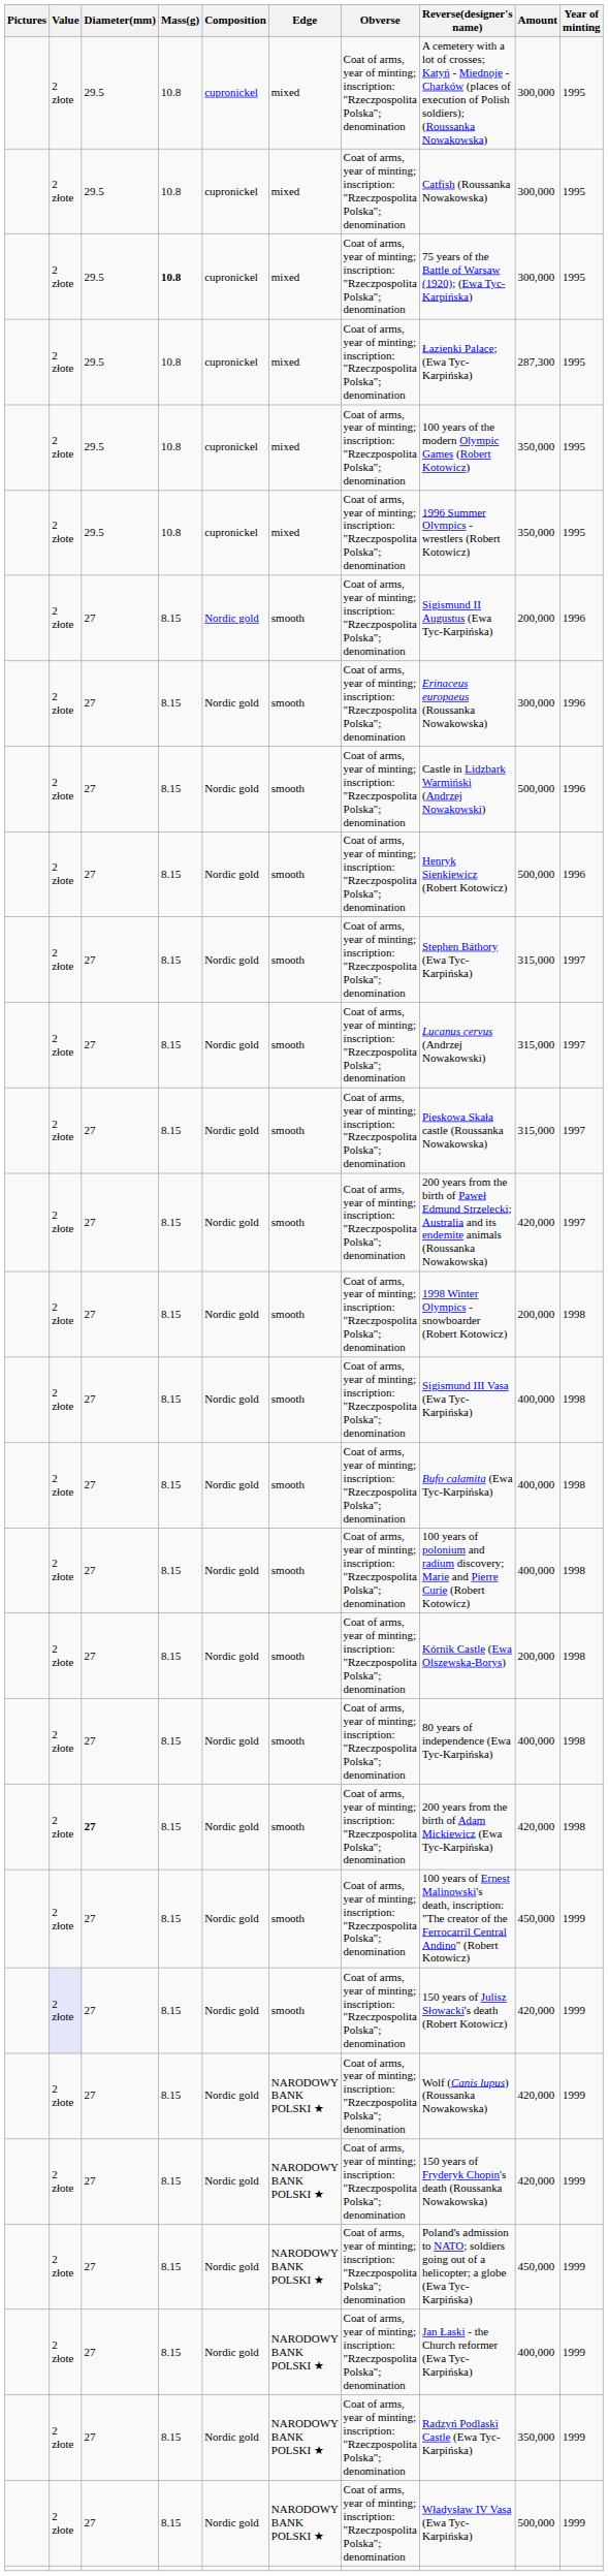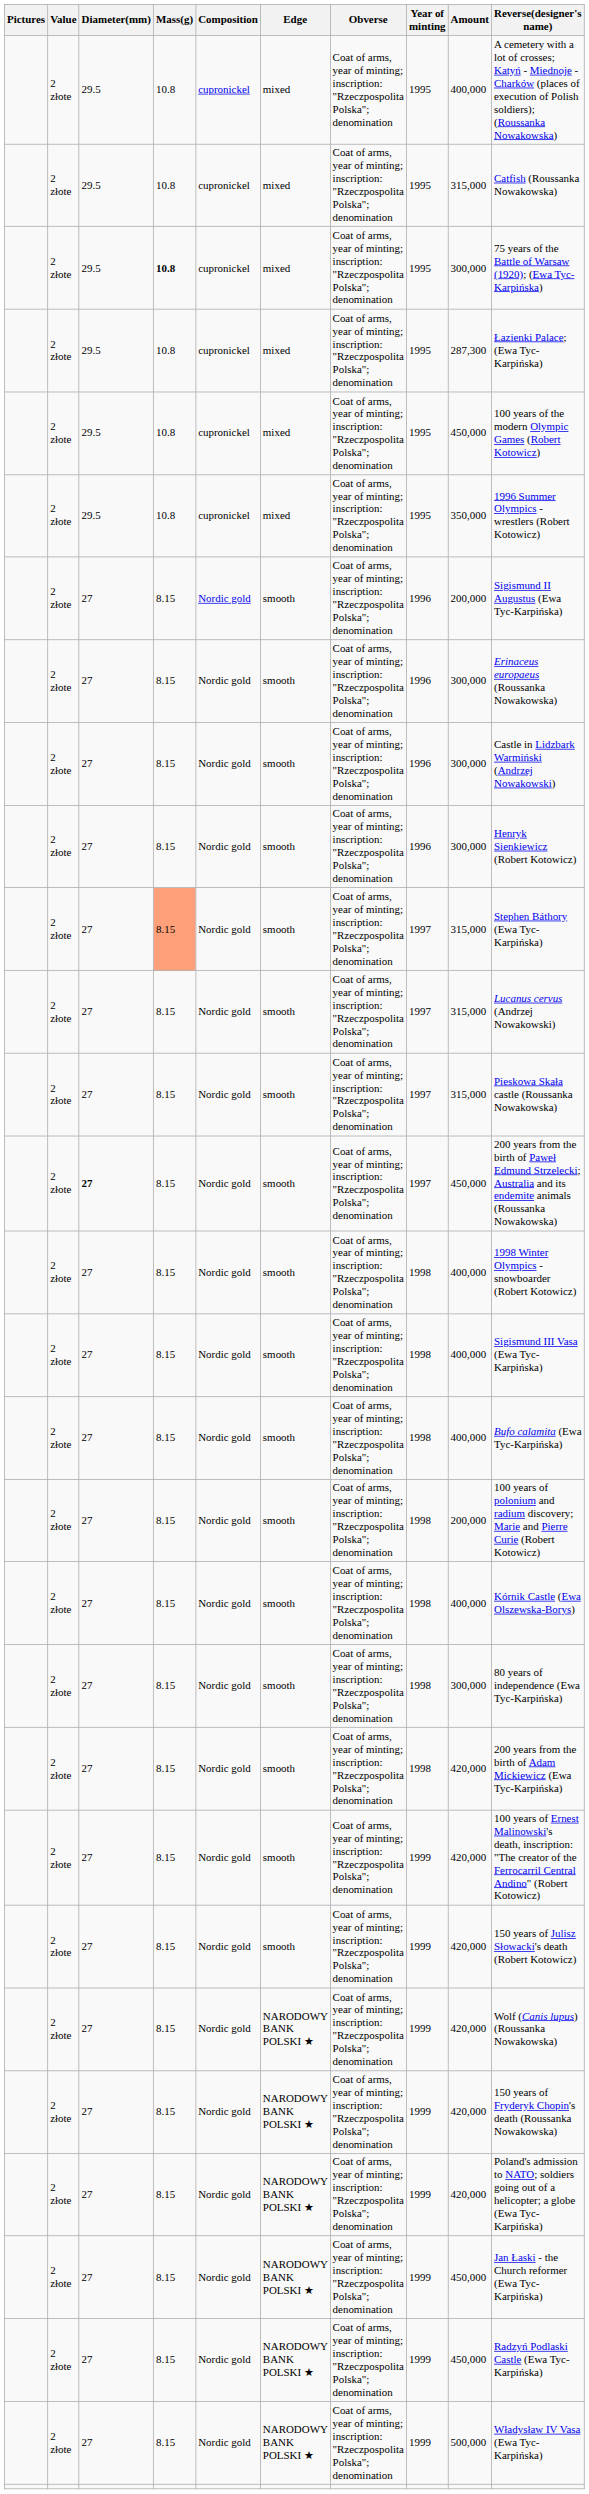 <table class="wikitable sortable" style="font-size: 90%">
 <tr>
 <th>Pictures</th>
 <th>Value</th>
 <th>Diameter(mm)</th>
 <th>Mass(g)</th>
 <th>Composition</th>
 <th>Edge</th>
 <th>Obverse</th>
+<th>Year of minting</th>
+<th>Amount</th>
 <th>Reverse(designer's name)</th>
-<th>Amount</th>
-<th>Year of minting</th>
 </tr>
 <tr>
 <td></td>
 <td>2 złote</td>
 <td>29.5</td>
 <td>10.8</td>
 <td><a href='#'>cupronickel</a></td>
 <td>mixed</td>
 <td>Coat of arms, year of minting; inscription: "Rzeczpospolita Polska"; denomination</td>
+<td>1995</td>
+<td>400,000</td>
 <td>A cemetery with a lot of crosses; <a href='#'>Katyń</a> - <a href='#'>Miednoje</a> - <a href='#'>Charków</a> (places of execution of Polish soldiers); (<a href='#'>Roussanka Nowakowska</a>)</td>
-<td>300,000</td>
-<td>1995</td>
 </tr>
 <tr>
 <td></td>
 <td>2 złote</td>
 <td>29.5</td>
 <td>10.8</td>
 <td>cupronickel</td>
 <td>mixed</td>
 <td>Coat of arms, year of minting; inscription: "Rzeczpospolita Polska"; denomination</td>
+<td>1995</td>
+<td>315,000</td>
 <td><a href='#'>Catfish</a> (Roussanka Nowakowska)</td>
-<td>300,000</td>
-<td>1995</td>
 </tr>
 <tr>
 <td></td>
 <td>2 złote</td>
 <td>29.5</td>
 <td><strong>10.8</strong></td>
 <td>cupronickel</td>
 <td>mixed</td>
 <td>Coat of arms, year of minting; inscription: "Rzeczpospolita Polska"; denomination</td>
+<td>1995</td>
+<td>300,000</td>
 <td>75 years of the <a href='#'>Battle of Warsaw (1920)</a>; (<a href='#'>Ewa Tyc-Karpińska</a>)</td>
-<td>300,000</td>
-<td>1995</td>
 </tr>
 <tr>
 <td></td>
 <td>2 złote</td>
 <td>29.5</td>
 <td>10.8</td>
 <td>cupronickel</td>
 <td>mixed</td>
 <td>Coat of arms, year of minting; inscription: "Rzeczpospolita Polska"; denomination</td>
+<td>1995</td>
+<td>287,300</td>
 <td><a href='#'>Łazienki Palace</a>; (Ewa Tyc-Karpińska)</td>
-<td>287,300</td>
-<td>1995</td>
 </tr>
 <tr>
 <td></td>
 <td>2 złote</td>
 <td>29.5</td>
 <td>10.8</td>
 <td>cupronickel</td>
 <td>mixed</td>
 <td>Coat of arms, year of minting; inscription: "Rzeczpospolita Polska"; denomination</td>
+<td>1995</td>
+<td>450,000</td>
 <td>100 years of the modern <a href='#'>Olympic Games</a> (<a href='#'>Robert Kotowicz</a>)</td>
-<td>350,000</td>
-<td>1995</td>
 </tr>
 <tr>
 <td></td>
 <td>2 złote</td>
 <td>29.5</td>
 <td>10.8</td>
 <td>cupronickel</td>
 <td>mixed</td>
 <td>Coat of arms, year of minting; inscription: "Rzeczpospolita Polska"; denomination</td>
+<td>1995</td>
+<td>350,000</td>
 <td><a href='#'>1996 Summer Olympics</a> - wrestlers (Robert Kotowicz)</td>
-<td>350,000</td>
-<td>1995</td>
 </tr>
 <tr>
 <td></td>
 <td>2 złote</td>
 <td>27</td>
 <td>8.15</td>
 <td><a href='#'>Nordic gold</a></td>
 <td>smooth</td>
 <td>Coat of arms, year of minting; inscription: "Rzeczpospolita Polska"; denomination</td>
+<td>1996</td>
+<td>200,000</td>
 <td><a href='#'>Sigismund II Augustus</a> (Ewa Tyc-Karpińska)</td>
-<td>200,000</td>
-<td>1996</td>
 </tr>
 <tr>
 <td></td>
 <td>2 złote</td>
 <td>27</td>
 <td>8.15</td>
 <td>Nordic gold</td>
 <td>smooth</td>
 <td>Coat of arms, year of minting; inscription: "Rzeczpospolita Polska"; denomination</td>
+<td>1996</td>
+<td>300,000</td>
 <td><em><a href='#'>Erinaceus europaeus</a></em> (Roussanka Nowakowska)</td>
-<td>300,000</td>
-<td>1996</td>
 </tr>
 <tr>
 <td></td>
 <td>2 złote</td>
 <td>27</td>
 <td>8.15</td>
 <td>Nordic gold</td>
 <td>smooth</td>
 <td>Coat of arms, year of minting; inscription: "Rzeczpospolita Polska"; denomination</td>
+<td>1996</td>
+<td>300,000</td>
 <td>Castle in <a href='#'>Lidzbark Warmiński</a> (<a href='#'>Andrzej Nowakowski</a>)</td>
-<td>500,000</td>
-<td>1996</td>
 </tr>
 <tr>
 <td></td>
 <td>2 złote</td>
 <td>27</td>
 <td>8.15</td>
 <td>Nordic gold</td>
 <td>smooth</td>
 <td>Coat of arms, year of minting; inscription: "Rzeczpospolita Polska"; denomination</td>
+<td>1996</td>
+<td>300,000</td>
 <td><a href='#'>Henryk Sienkiewicz</a> (Robert Kotowicz)</td>
-<td>500,000</td>
-<td>1996</td>
+</tr>
+<tr>
+<td></td>
+<td>2 złote</td>
+<td>27</td>
+<td style="background: lightsalmon;">8.15</td>
+<td>Nordic gold</td>
+<td>smooth</td>
+<td>Coat of arms, year of minting; inscription: "Rzeczpospolita Polska"; denomination</td>
+<td>1997</td>
+<td>315,000</td>
+<td><a href='#'>Stephen Báthory</a> (Ewa Tyc-Karpińska)</td>
 </tr>
 <tr>
 <td></td>
 <td>2 złote</td>
 <td>27</td>
 <td>8.15</td>
 <td>Nordic gold</td>
 <td>smooth</td>
 <td>Coat of arms, year of minting; inscription: "Rzeczpospolita Polska"; denomination</td>
-<td><a href='#'>Stephen Báthory</a> (Ewa Tyc-Karpińska)</td>
+<td>1997</td>
 <td>315,000</td>
-<td>1997</td>
+<td><em><a href='#'>Lucanus cervus</a></em> (Andrzej Nowakowski)</td>
 </tr>
 <tr>
 <td></td>
 <td>2 złote</td>
 <td>27</td>
 <td>8.15</td>
 <td>Nordic gold</td>
 <td>smooth</td>
 <td>Coat of arms, year of minting; inscription: "Rzeczpospolita Polska"; denomination</td>
-<td><em><a href='#'>Lucanus cervus</a></em> (Andrzej Nowakowski)</td>
+<td>1997</td>
 <td>315,000</td>
+<td><a href='#'>Pieskowa Skała</a> castle (Roussanka Nowakowska)</td>
+</tr>
+<tr>
+<td></td>
+<td>2 złote</td>
+<td><strong>27</strong></td>
+<td>8.15</td>
+<td>Nordic gold</td>
+<td>smooth</td>
+<td>Coat of arms, year of minting; inscription: "Rzeczpospolita Polska"; denomination</td>
 <td>1997</td>
+<td>450,000</td>
+<td>200 years from the birth of <a href='#'>Paweł Edmund Strzelecki</a>; <a href='#'>Australia</a> and its <a href='#'>endemite</a> animals (Roussanka Nowakowska)</td>
 </tr>
 <tr>
 <td></td>
 <td>2 złote</td>
 <td>27</td>
 <td>8.15</td>
 <td>Nordic gold</td>
 <td>smooth</td>
 <td>Coat of arms, year of minting; inscription: "Rzeczpospolita Polska"; denomination</td>
-<td><a href='#'>Pieskowa Skała</a> castle (Roussanka Nowakowska)</td>
-<td>315,000</td>
-<td>1997</td>
+<td>1998</td>
+<td>400,000</td>
+<td><a href='#'>1998 Winter Olympics</a> - snowboarder (Robert Kotowicz)</td>
 </tr>
 <tr>
 <td></td>
 <td>2 złote</td>
 <td>27</td>
 <td>8.15</td>
 <td>Nordic gold</td>
 <td>smooth</td>
 <td>Coat of arms, year of minting; inscription: "Rzeczpospolita Polska"; denomination</td>
-<td>200 years from the birth of <a href='#'>Paweł Edmund Strzelecki</a>; <a href='#'>Australia</a> and its <a href='#'>endemite</a> animals (Roussanka Nowakowska)</td>
-<td>420,000</td>
-<td>1997</td>
+<td>1998</td>
+<td>400,000</td>
+<td><a href='#'>Sigismund III Vasa</a> (Ewa Tyc-Karpińska)</td>
 </tr>
 <tr>
 <td></td>
 <td>2 złote</td>
 <td>27</td>
 <td>8.15</td>
 <td>Nordic gold</td>
 <td>smooth</td>
 <td>Coat of arms, year of minting; inscription: "Rzeczpospolita Polska"; denomination</td>
-<td><a href='#'>1998 Winter Olympics</a> - snowboarder (Robert Kotowicz)</td>
-<td>200,000</td>
 <td>1998</td>
+<td>400,000</td>
+<td><em><a href='#'>Bufo calamita</a></em> (Ewa Tyc-Karpińska)</td>
 </tr>
 <tr>
 <td></td>
 <td>2 złote</td>
 <td>27</td>
 <td>8.15</td>
 <td>Nordic gold</td>
 <td>smooth</td>
 <td>Coat of arms, year of minting; inscription: "Rzeczpospolita Polska"; denomination</td>
-<td><a href='#'>Sigismund III Vasa</a> (Ewa Tyc-Karpińska)</td>
-<td>400,000</td>
 <td>1998</td>
+<td>200,000</td>
+<td>100 years of <a href='#'>polonium</a> and <a href='#'>radium</a> discovery; <a href='#'>Marie</a> and <a href='#'>Pierre Curie</a> (Robert Kotowicz)</td>
 </tr>
 <tr>
 <td></td>
 <td>2 złote</td>
 <td>27</td>
 <td>8.15</td>
 <td>Nordic gold</td>
 <td>smooth</td>
 <td>Coat of arms, year of minting; inscription: "Rzeczpospolita Polska"; denomination</td>
-<td><em><a href='#'>Bufo calamita</a></em> (Ewa Tyc-Karpińska)</td>
+<td>1998</td>
 <td>400,000</td>
-<td>1998</td>
+<td><a href='#'>Kórnik Castle</a> (<a href='#'>Ewa Olszewska-Borys</a>)</td>
 </tr>
 <tr>
 <td></td>
 <td>2 złote</td>
 <td>27</td>
 <td>8.15</td>
 <td>Nordic gold</td>
 <td>smooth</td>
 <td>Coat of arms, year of minting; inscription: "Rzeczpospolita Polska"; denomination</td>
-<td>100 years of <a href='#'>polonium</a> and <a href='#'>radium</a> discovery; <a href='#'>Marie</a> and <a href='#'>Pierre Curie</a> (Robert Kotowicz)</td>
-<td>400,000</td>
 <td>1998</td>
+<td>300,000</td>
+<td>80 years of independence (Ewa Tyc-Karpińska)</td>
 </tr>
 <tr>
 <td></td>
 <td>2 złote</td>
 <td>27</td>
 <td>8.15</td>
 <td>Nordic gold</td>
 <td>smooth</td>
 <td>Coat of arms, year of minting; inscription: "Rzeczpospolita Polska"; denomination</td>
-<td><a href='#'>Kórnik Castle</a> (<a href='#'>Ewa Olszewska-Borys</a>)</td>
-<td>200,000</td>
 <td>1998</td>
+<td>420,000</td>
+<td>200 years from the birth of <a href='#'>Adam Mickiewicz</a> (Ewa Tyc-Karpińska)</td>
 </tr>
 <tr>
 <td></td>
 <td>2 złote</td>
 <td>27</td>
 <td>8.15</td>
 <td>Nordic gold</td>
 <td>smooth</td>
 <td>Coat of arms, year of minting; inscription: "Rzeczpospolita Polska"; denomination</td>
-<td>80 years of independence (Ewa Tyc-Karpińska)</td>
-<td>400,000</td>
-<td>1998</td>
-</tr>
-<tr>
-<td></td>
-<td>2 złote</td>
-<td><strong>27</strong></td>
-<td>8.15</td>
-<td>Nordic gold</td>
-<td>smooth</td>
-<td>Coat of arms, year of minting; inscription: "Rzeczpospolita Polska"; denomination</td>
-<td>200 years from the birth of <a href='#'>Adam Mickiewicz</a> (Ewa Tyc-Karpińska)</td>
+<td>1999</td>
 <td>420,000</td>
-<td>1998</td>
+<td>100 years of <a href='#'>Ernest Malinowski</a>'s death, inscription: "The creator of the <a href='#'>Ferrocarril Central Andino</a>" (Robert Kotowicz)</td>
 </tr>
 <tr>
 <td></td>
 <td>2 złote</td>
 <td>27</td>
 <td>8.15</td>
 <td>Nordic gold</td>
 <td>smooth</td>
 <td>Coat of arms, year of minting; inscription: "Rzeczpospolita Polska"; denomination</td>
-<td>100 years of <a href='#'>Ernest Malinowski</a>'s death, inscription: "The creator of the <a href='#'>Ferrocarril Central Andino</a>" (Robert Kotowicz)</td>
-<td>450,000</td>
 <td>1999</td>
-</tr>
-<tr>
-<td></td>
-<td style="background: lavender;">2 złote</td>
-<td>27</td>
-<td>8.15</td>
-<td>Nordic gold</td>
-<td>smooth</td>
-<td>Coat of arms, year of minting; inscription: "Rzeczpospolita Polska"; denomination</td>
+<td>420,000</td>
 <td>150 years of <a href='#'>Julisz Słowacki</a>'s death (Robert Kotowicz)</td>
-<td>420,000</td>
-<td>1999</td>
 </tr>
 <tr>
 <td></td>
 <td>2 złote</td>
 <td>27</td>
 <td>8.15</td>
 <td>Nordic gold</td>
 <td>NARODOWY BANK POLSKI ★</td>
 <td>Coat of arms, year of minting; inscription: "Rzeczpospolita Polska"; denomination</td>
+<td>1999</td>
+<td>420,000</td>
 <td>Wolf (<em><a href='#'>Canis lupus</a></em>) (Roussanka Nowakowska)</td>
-<td>420,000</td>
-<td>1999</td>
 </tr>
 <tr>
 <td></td>
 <td>2 złote</td>
 <td>27</td>
 <td>8.15</td>
 <td>Nordic gold</td>
 <td>NARODOWY BANK POLSKI ★</td>
 <td>Coat of arms, year of minting; inscription: "Rzeczpospolita Polska"; denomination</td>
+<td>1999</td>
+<td>420,000</td>
 <td>150 years of <a href='#'>Fryderyk Chopin</a>'s death (Roussanka Nowakowska)</td>
-<td>420,000</td>
-<td>1999</td>
 </tr>
 <tr>
 <td></td>
 <td>2 złote</td>
 <td>27</td>
 <td>8.15</td>
 <td>Nordic gold</td>
 <td>NARODOWY BANK POLSKI ★</td>
 <td>Coat of arms, year of minting; inscription: "Rzeczpospolita Polska"; denomination</td>
+<td>1999</td>
+<td>420,000</td>
 <td>Poland's admission to <a href='#'>NATO</a>; soldiers going out of a helicopter; a globe (Ewa Tyc-Karpińska)</td>
-<td>450,000</td>
-<td>1999</td>
 </tr>
 <tr>
 <td></td>
 <td>2 złote</td>
 <td>27</td>
 <td>8.15</td>
 <td>Nordic gold</td>
 <td>NARODOWY BANK POLSKI ★</td>
 <td>Coat of arms, year of minting; inscription: "Rzeczpospolita Polska"; denomination</td>
+<td>1999</td>
+<td>450,000</td>
 <td><a href='#'>Jan Łaski</a> - the Church reformer (Ewa Tyc-Karpińska)</td>
-<td>400,000</td>
-<td>1999</td>
 </tr>
 <tr>
 <td></td>
 <td>2 złote</td>
 <td>27</td>
 <td>8.15</td>
 <td>Nordic gold</td>
 <td>NARODOWY BANK POLSKI ★</td>
 <td>Coat of arms, year of minting; inscription: "Rzeczpospolita Polska"; denomination</td>
+<td>1999</td>
+<td>450,000</td>
 <td><a href='#'>Radzyń Podlaski Castle</a> (Ewa Tyc-Karpińska)</td>
-<td>350,000</td>
-<td>1999</td>
 </tr>
 <tr>
 <td></td>
 <td>2 złote</td>
 <td>27</td>
 <td>8.15</td>
 <td>Nordic gold</td>
 <td>NARODOWY BANK POLSKI ★</td>
 <td>Coat of arms, year of minting; inscription: "Rzeczpospolita Polska"; denomination</td>
+<td>1999</td>
+<td>500,000</td>
 <td><a href='#'>Władysław IV Vasa</a> (Ewa Tyc-Karpińska)</td>
-<td>500,000</td>
-<td>1999</td>
 </tr>
 <tr>
 <td></td>
 <td></td>
 <td></td>
 <td></td>
 <td></td>
 <td></td>
 <td></td>
 <td></td>
 <td></td>
 <td></td>
 </tr>
 </table>
